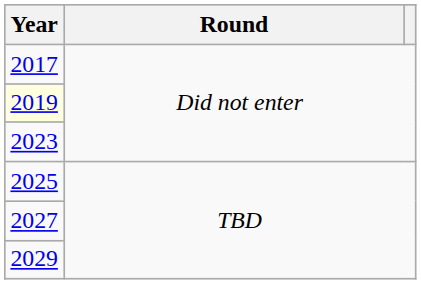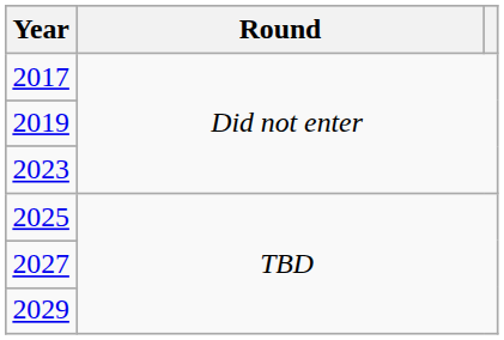 <table class="wikitable" style="text-align: center; font-size:90%">
 <tr>
 <th>Year</th>
 <th style="width:200px">Round</th>
 <th></th>
 </tr>
 <tr>
 <td><a href='#'>2017</a></td>
 <td colspan="2" rowspan="3"><em>Did not enter</em></td>
 </tr>
 <tr>
-<td style="background: lightyellow;"><a href='#'>2019</a></td>
+<td><a href='#'>2019</a></td>
 </tr>
 <tr>
 <td><a href='#'>2023</a></td>
 </tr>
 <tr>
 <td><a href='#'>2025</a></td>
 <td colspan="2" rowspan="3"><em>TBD</em></td>
 </tr>
 <tr>
 <td><a href='#'>2027</a></td>
 </tr>
 <tr>
 <td><a href='#'>2029</a></td>
 </tr>
 </table>
